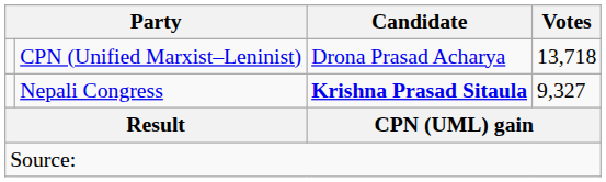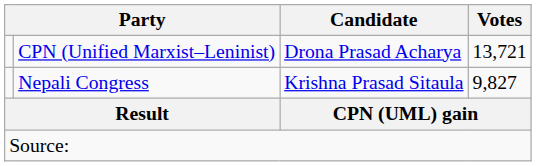 <table class="wikitable">
 <tr>
 <th colspan="2">Party</th>
 <th>Candidate</th>
 <th>Votes</th>
 </tr>
 <tr>
 <td style="background-color:"></td>
 <td><a href='#'>CPN (Unified Marxist–Leninist)</a></td>
 <td><a href='#'>Drona Prasad Acharya</a></td>
-<td>13,718</td>
+<td>13,721</td>
 </tr>
 <tr>
 <td style="background-color:"></td>
 <td><a href='#'>Nepali Congress</a></td>
-<td><strong><a href='#'>Krishna Prasad Sitaula</a></strong></td>
-<td>9,327</td>
+<td><a href='#'>Krishna Prasad Sitaula</a></td>
+<td>9,827</td>
 </tr>
 <tr>
 <th colspan="2">Result</th>
 <th colspan="2">CPN (UML) gain</th>
 </tr>
 <tr>
 <td colspan="4">Source: </td>
 </tr>
 </table>
